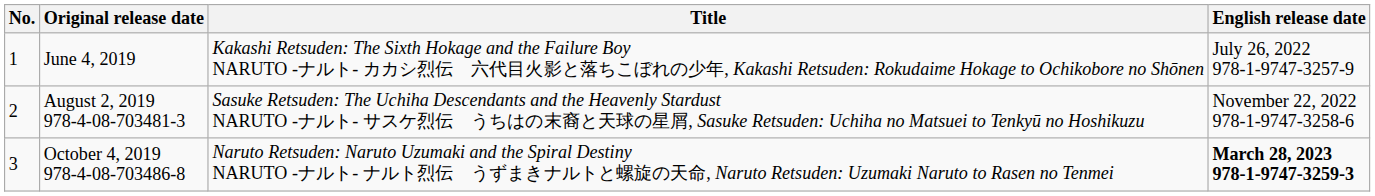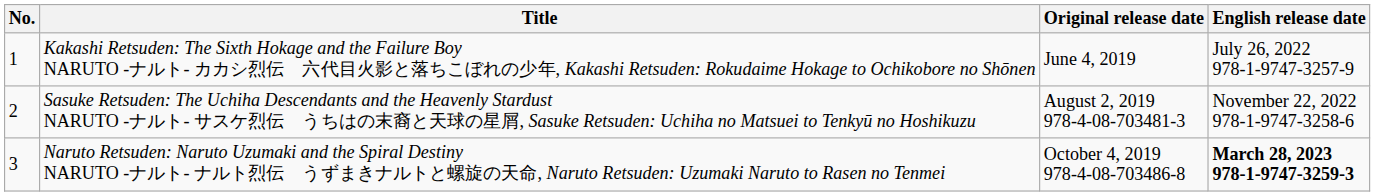 <table class="wikitable">
 <tr>
 <th>No.</th>
+<th>Title</th>
 <th>Original release date</th>
-<th>Title</th>
 <th>English release date</th>
 </tr>
 <tr>
 <td>1</td>
+<td><em>Kakashi Retsuden: The Sixth Hokage and the Failure Boy</em><br>NARUTO -ナルト- カカシ烈伝　六代目火影と落ちこぼれの少年, <em>Kakashi Retsuden: Rokudaime Hokage to Ochikobore no Shōnen</em></td>
 <td>June 4, 2019<br></td>
-<td><em>Kakashi Retsuden: The Sixth Hokage and the Failure Boy</em><br>NARUTO -ナルト- カカシ烈伝　六代目火影と落ちこぼれの少年, <em>Kakashi Retsuden: Rokudaime Hokage to Ochikobore no Shōnen</em></td>
 <td>July 26, 2022<br>978-1-9747-3257-9</td>
 </tr>
 <tr>
 <td>2</td>
+<td><em>Sasuke Retsuden: The Uchiha Descendants and the Heavenly Stardust</em><br>NARUTO -ナルト- サスケ烈伝　うちはの末裔と天球の星屑, <em>Sasuke Retsuden: Uchiha no Matsuei to Tenkyū no Hoshikuzu</em></td>
 <td>August 2, 2019<br>978-4-08-703481-3</td>
-<td><em>Sasuke Retsuden: The Uchiha Descendants and the Heavenly Stardust</em><br>NARUTO -ナルト- サスケ烈伝　うちはの末裔と天球の星屑, <em>Sasuke Retsuden: Uchiha no Matsuei to Tenkyū no Hoshikuzu</em></td>
 <td>November 22, 2022<br>978-1-9747-3258-6</td>
 </tr>
 <tr>
 <td>3</td>
+<td><em>Naruto Retsuden: Naruto Uzumaki and the Spiral Destiny</em><br>NARUTO -ナルト- ナルト烈伝　うずまきナルトと螺旋の天命, <em>Naruto Retsuden: Uzumaki Naruto to Rasen no Tenmei</em></td>
 <td>October 4, 2019<br>978-4-08-703486-8</td>
-<td><em>Naruto Retsuden: Naruto Uzumaki and the Spiral Destiny</em><br>NARUTO -ナルト- ナルト烈伝　うずまきナルトと螺旋の天命, <em>Naruto Retsuden: Uzumaki Naruto to Rasen no Tenmei</em></td>
 <td><strong>March 28, 2023<br>978-1-9747-3259-3</strong></td>
 </tr>
 </table>
